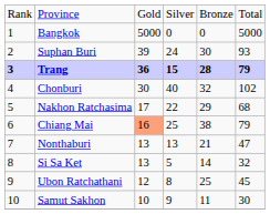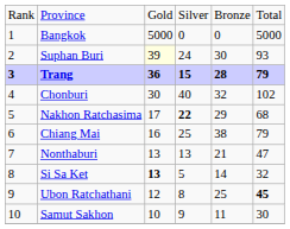 <table class="wikitable">
 <tr>
 <td>Rank</td>
 <td><a href='#'>Province</a></td>
 <td>Gold</td>
 <td>Silver</td>
 <td>Bronze</td>
 <td>Total</td>
 </tr>
 <tr>
 <td>1</td>
 <td><a href='#'>Bangkok</a></td>
 <td>5000</td>
 <td>0</td>
 <td>0</td>
 <td>5000</td>
 </tr>
 <tr>
 <td>2</td>
 <td><a href='#'>Suphan Buri</a></td>
-<td>39</td>
+<td style="background: lightyellow;">39</td>
 <td>24</td>
 <td>30</td>
 <td>93</td>
 </tr>
 <tr style="background:#ccccff">
 <td><strong>3</strong></td>
 <td><strong><a href='#'>Trang</a></strong></td>
 <td><strong>36</strong></td>
 <td><strong>15</strong></td>
 <td><strong>28</strong></td>
 <td><strong>79</strong></td>
 </tr>
 <tr>
 <td>4</td>
 <td><a href='#'>Chonburi</a></td>
 <td>30</td>
 <td>40</td>
 <td>32</td>
 <td>102</td>
 </tr>
 <tr>
 <td>5</td>
 <td><a href='#'>Nakhon Ratchasima</a></td>
 <td>17</td>
-<td>22</td>
+<td><strong>22</strong></td>
 <td>29</td>
 <td>68</td>
 </tr>
 <tr>
 <td>6</td>
 <td><a href='#'>Chiang Mai</a></td>
-<td style="background: lightsalmon;">16</td>
+<td>16</td>
 <td>25</td>
 <td>38</td>
 <td>79</td>
 </tr>
 <tr>
 <td>7</td>
 <td><a href='#'>Nonthaburi</a></td>
 <td>13</td>
 <td>13</td>
 <td>21</td>
 <td>47</td>
 </tr>
 <tr>
 <td>8</td>
 <td><a href='#'>Si Sa Ket</a></td>
-<td>13</td>
+<td><strong>13</strong></td>
 <td>5</td>
 <td>14</td>
 <td>32</td>
 </tr>
 <tr>
 <td>9</td>
 <td><a href='#'>Ubon Ratchathani</a></td>
 <td>12</td>
 <td>8</td>
 <td>25</td>
-<td>45</td>
+<td><strong>45</strong></td>
 </tr>
 <tr>
 <td>10</td>
 <td><a href='#'>Samut Sakhon</a></td>
 <td>10</td>
 <td>9</td>
 <td>11</td>
 <td>30</td>
 </tr>
 <tr>
 </tr>
 </table>
